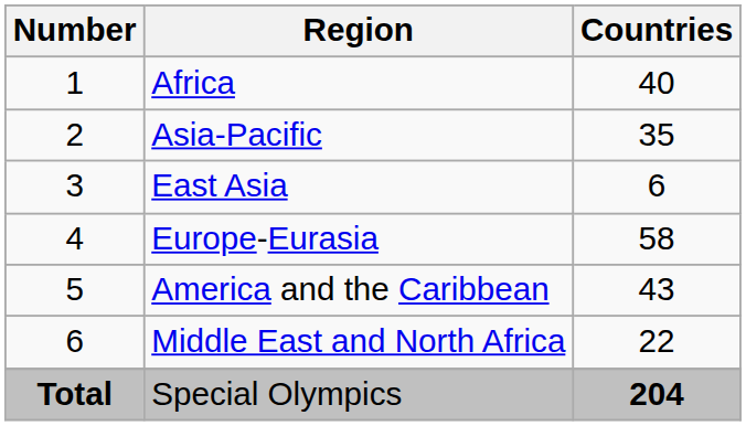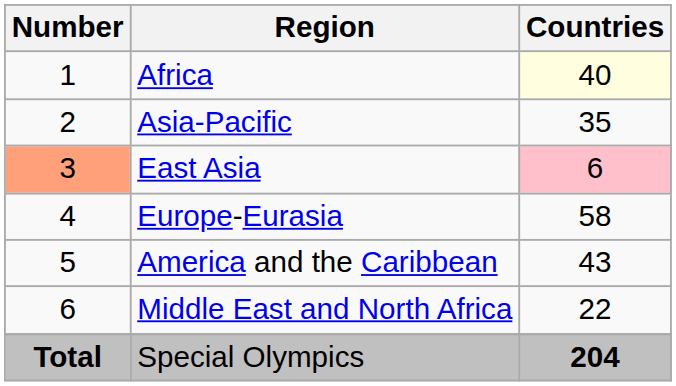 <table class="wikitable sortable">
 <tr>
 <th>Number</th>
 <th>Region</th>
 <th>Countries</th>
 </tr>
 <tr>
 <td align=center>1</td>
 <td><a href='#'>Africa</a></td>
-<td align=center>40</td>
+<td align=center style="background: lightyellow;">40</td>
 </tr>
 <tr>
 <td align=center>2</td>
 <td><a href='#'>Asia-Pacific</a></td>
 <td align=center>35</td>
 </tr>
 <tr>
-<td align=center>3</td>
+<td align=center style="background: lightsalmon;">3</td>
 <td><a href='#'>East Asia</a></td>
-<td align=center>6</td>
+<td align=center style="background: pink;">6</td>
 </tr>
 <tr>
 <td align=center>4</td>
 <td><a href='#'>Europe</a>-<a href='#'>Eurasia</a></td>
 <td align=center>58</td>
 </tr>
 <tr>
 <td align=center>5</td>
 <td><a href='#'>America</a> and the <a href='#'>Caribbean</a></td>
 <td align=center>43</td>
 </tr>
 <tr>
 <td align=center>6</td>
 <td><a href='#'>Middle East and North Africa</a></td>
 <td align=center>22</td>
 </tr>
 <tr>
 </tr>
 <tr style="background:silver;">
 <td align=center><strong>Total</strong></td>
 <td>Special Olympics</td>
 <td align=center><strong>204</strong></td>
 </tr>
 </table>
